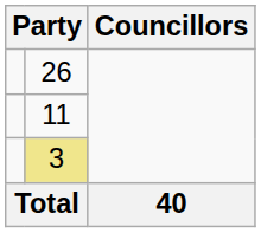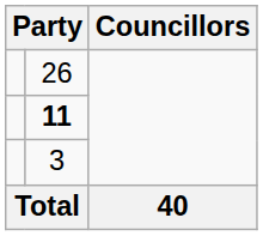 <table class="wikitable">
 <tr>
 <th colspan=2>Party</th>
 <th>Councillors</th>
 </tr>
 <tr>
 <td></td>
 <td align=center>26</td>
 </tr>
 <tr>
 <td></td>
-<td align=center>11</td>
+<td align=center><strong>11</strong></td>
 </tr>
 <tr>
 <td></td>
-<td align=center style="background: khaki;">3</td>
+<td align=center>3</td>
 </tr>
 <tr>
 <th colspan=2>Total</th>
 <th align=center>40</th>
 </tr>
 </table>
